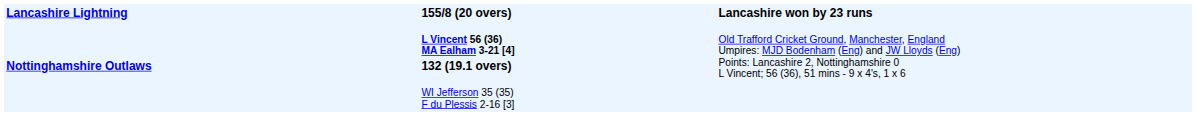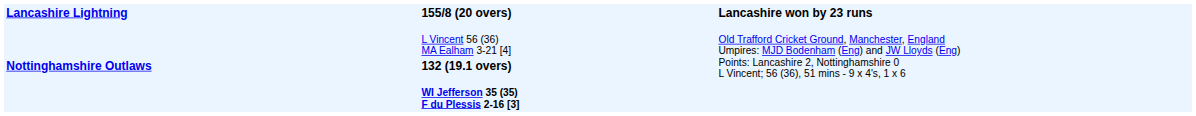 <table style="width:100%; background:#ebf5ff;">
 <tr>
 <td style="width:35%; vertical-align:top;" rowspan="2"><strong><a href='#'>Lancashire Lightning</a></strong></td>
 <td style="width:25%;"><strong>155/8 (20 overs)</strong></td>
 <td style="width:40%;"><strong>Lancashire won by 23 runs</strong></td>
 </tr>
 <tr>
-<td style="font-size: 85%;"><strong><br><a href='#'>L Vincent</a> 56 (36)<br> <a href='#'>MA Ealham</a> 3-21 [4]</strong></td>
+<td style="font-size: 85%;"><br><a href='#'>L Vincent</a> 56 (36)<br> <a href='#'>MA Ealham</a> 3-21 [4]</td>
 <td style="vertical-align:top; font-size:85%;" rowspan="3"><br><a href='#'>Old Trafford Cricket Ground</a>, <a href='#'>Manchester</a>, <a href='#'>England</a><br> Umpires: <a href='#'>MJD Bodenham</a> (<a href='#'>Eng</a>) and <a href='#'>JW Lloyds</a> (<a href='#'>Eng</a>)<br> Points: Lancashire 2, Nottinghamshire 0<br>L Vincent; 56 (36), 51 mins - 9 x 4's, 1 x 6</td>
 </tr>
 <tr>
 <td style="vertical-align:top;" rowspan="2"><strong><a href='#'>Nottinghamshire Outlaws</a></strong></td>
 <td><strong>132 (19.1 overs)</strong></td>
 </tr>
 <tr>
-<td style="font-size: 85%;"><br><a href='#'>WI Jefferson</a> 35 (35)<br> <a href='#'>F du Plessis</a> 2-16 [3]</td>
+<td style="font-size: 85%;"><strong><br><a href='#'>WI Jefferson</a> 35 (35)<br> <a href='#'>F du Plessis</a> 2-16 [3]</strong></td>
 </tr>
 </table>
